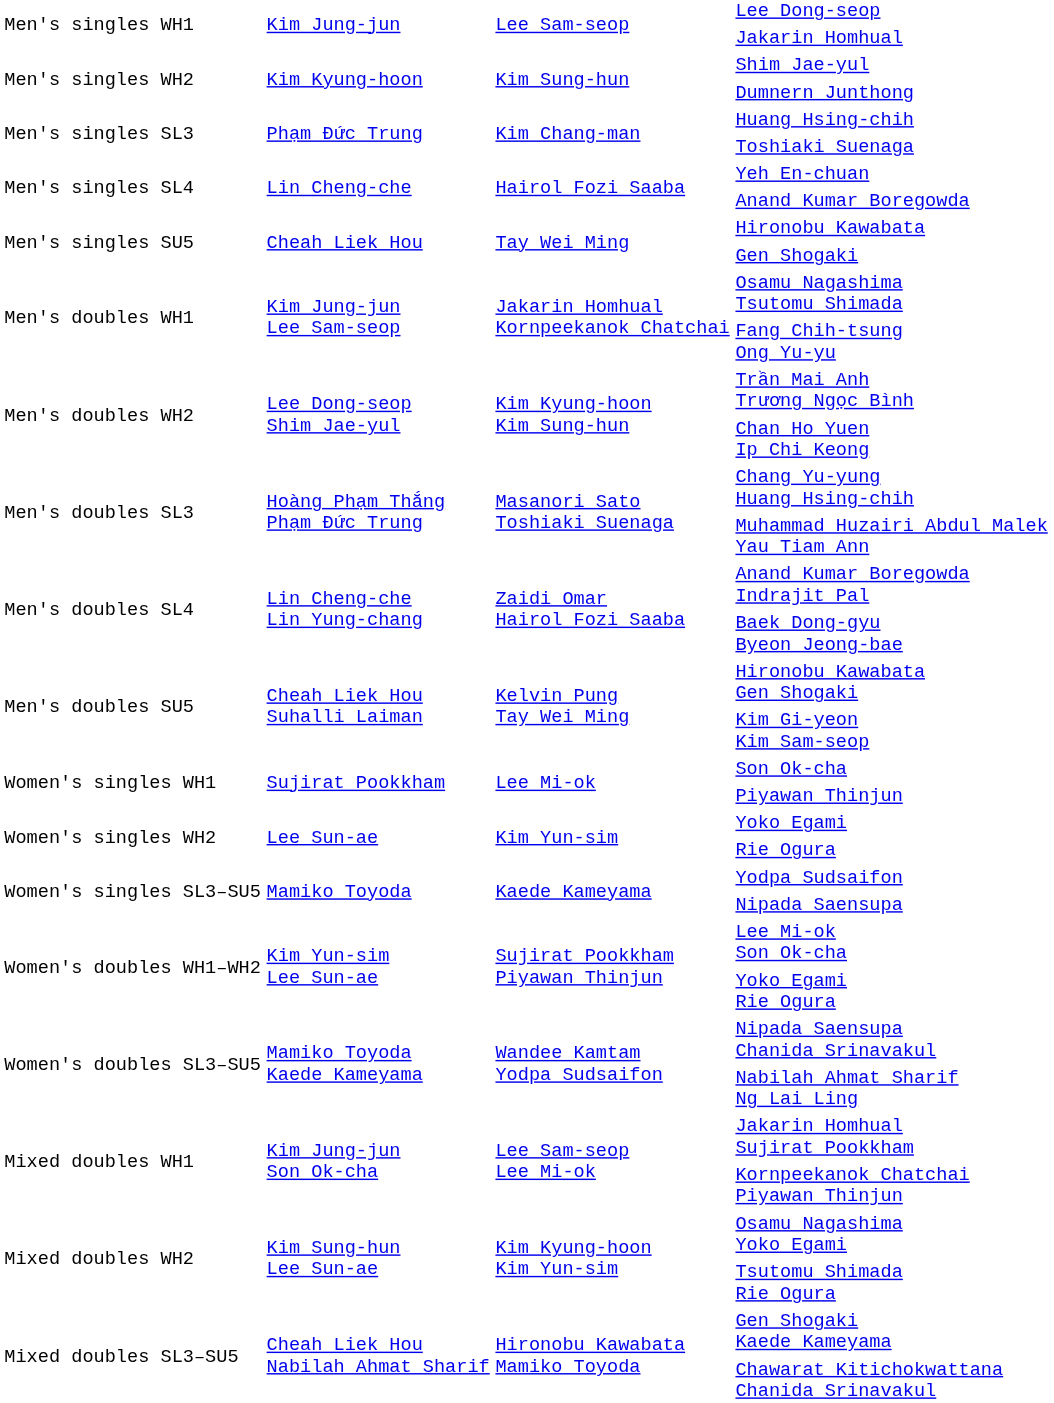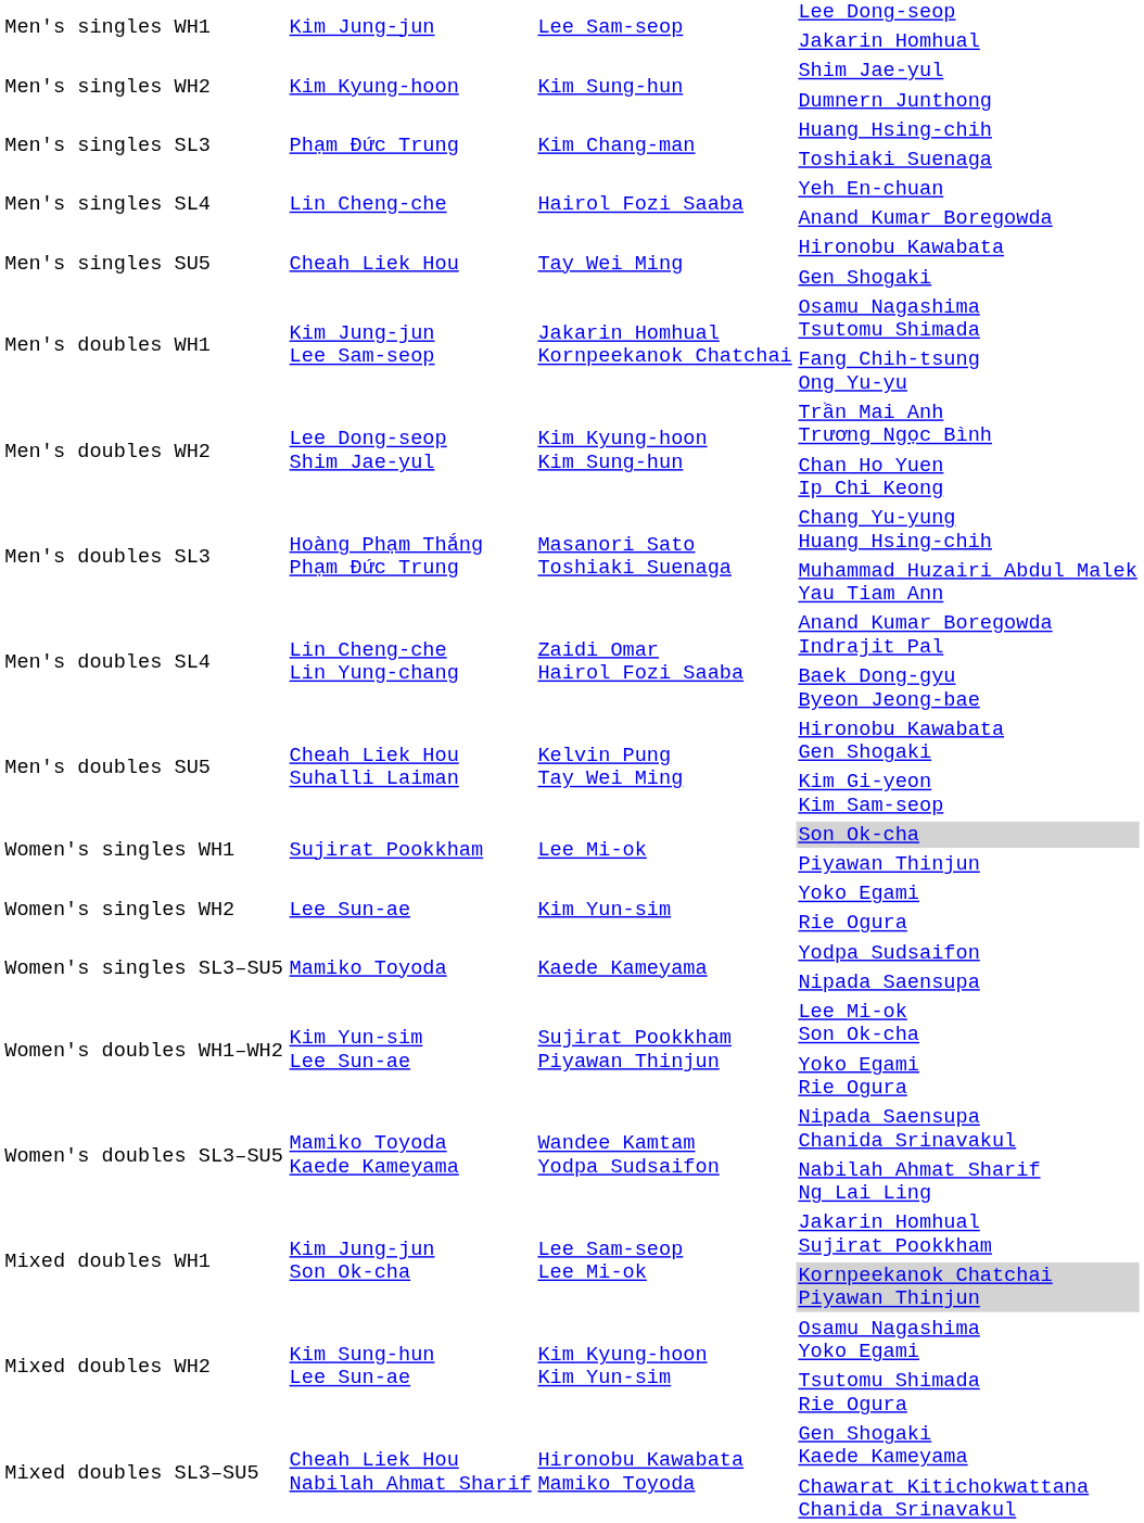 <table>
 <tr>
 <td rowspan="2">Men's singles WH1</td>
 <td rowspan="2"> <a href='#'>Kim Jung-jun</a></td>
 <td rowspan="2"> <a href='#'>Lee Sam-seop</a></td>
 <td> <a href='#'>Lee Dong-seop</a></td>
 </tr>
 <tr>
 <td> <a href='#'>Jakarin Homhual</a></td>
 </tr>
 <tr>
 <td rowspan="2">Men's singles WH2</td>
 <td rowspan="2"> <a href='#'>Kim Kyung-hoon</a></td>
 <td rowspan="2"> <a href='#'>Kim Sung-hun</a></td>
 <td> <a href='#'>Shim Jae-yul</a></td>
 </tr>
 <tr>
 <td> <a href='#'>Dumnern Junthong</a></td>
 </tr>
 <tr>
 <td rowspan="2">Men's singles SL3</td>
 <td rowspan="2"> <a href='#'>Phạm Đức Trung</a></td>
 <td rowspan="2"> <a href='#'>Kim Chang-man</a></td>
 <td> <a href='#'>Huang Hsing-chih</a></td>
 </tr>
 <tr>
 <td> <a href='#'>Toshiaki Suenaga</a></td>
 </tr>
 <tr>
 <td rowspan="2">Men's singles SL4</td>
 <td rowspan="2"> <a href='#'>Lin Cheng-che</a></td>
 <td rowspan="2"> <a href='#'>Hairol Fozi Saaba</a></td>
 <td> <a href='#'>Yeh En-chuan</a></td>
 </tr>
 <tr>
 <td> <a href='#'>Anand Kumar Boregowda</a></td>
 </tr>
 <tr>
 <td rowspan="2">Men's singles SU5</td>
 <td rowspan="2"> <a href='#'>Cheah Liek Hou</a></td>
 <td rowspan="2"> <a href='#'>Tay Wei Ming</a></td>
 <td> <a href='#'>Hironobu Kawabata</a></td>
 </tr>
 <tr>
 <td> <a href='#'>Gen Shogaki</a></td>
 </tr>
 <tr>
 <td rowspan="2">Men's doubles WH1</td>
 <td rowspan="2"> <a href='#'>Kim Jung-jun</a> <br> <a href='#'>Lee Sam-seop</a></td>
 <td rowspan="2"> <a href='#'>Jakarin Homhual</a> <br> <a href='#'>Kornpeekanok Chatchai</a></td>
 <td> <a href='#'>Osamu Nagashima</a><br> <a href='#'>Tsutomu Shimada</a></td>
 </tr>
 <tr>
 <td> <a href='#'>Fang Chih-tsung</a> <br> <a href='#'>Ong Yu-yu</a></td>
 </tr>
 <tr>
 <td rowspan="2">Men's doubles WH2</td>
 <td rowspan="2"> <a href='#'>Lee Dong-seop</a> <br> <a href='#'>Shim Jae-yul</a></td>
 <td rowspan="2"> <a href='#'>Kim Kyung-hoon</a> <br> <a href='#'>Kim Sung-hun</a></td>
 <td> <a href='#'>Trần Mai Anh</a> <br> <a href='#'>Trương Ngọc Bình</a></td>
 </tr>
 <tr>
 <td> <a href='#'>Chan Ho Yuen</a> <br> <a href='#'>Ip Chi Keong</a></td>
 </tr>
 <tr>
 <td rowspan="2">Men's doubles SL3</td>
 <td rowspan="2"> <a href='#'>Hoàng Phạm Thắng</a><br> <a href='#'>Phạm Đức Trung</a></td>
 <td rowspan="2"> <a href='#'>Masanori Sato</a><br> <a href='#'>Toshiaki Suenaga</a></td>
 <td> <a href='#'>Chang Yu-yung</a><br> <a href='#'>Huang Hsing-chih</a></td>
 </tr>
 <tr>
 <td> <a href='#'>Muhammad Huzairi Abdul Malek</a><br> <a href='#'>Yau Tiam Ann</a></td>
 </tr>
 <tr>
 <td rowspan="2">Men's doubles SL4</td>
 <td rowspan="2"> <a href='#'>Lin Cheng-che</a> <br> <a href='#'>Lin Yung-chang</a></td>
 <td rowspan="2"> <a href='#'>Zaidi Omar</a> <br> <a href='#'>Hairol Fozi Saaba</a></td>
 <td> <a href='#'>Anand Kumar Boregowda</a> <br> <a href='#'>Indrajit Pal</a></td>
 </tr>
 <tr>
 <td> <a href='#'>Baek Dong-gyu</a> <br> <a href='#'>Byeon Jeong-bae</a></td>
 </tr>
 <tr>
 <td rowspan="2">Men's doubles SU5</td>
 <td rowspan="2"> <a href='#'>Cheah Liek Hou</a><br> <a href='#'>Suhalli Laiman</a></td>
 <td rowspan="2"> <a href='#'>Kelvin Pung</a><br> <a href='#'>Tay Wei Ming</a></td>
 <td> <a href='#'>Hironobu Kawabata</a><br> <a href='#'>Gen Shogaki</a></td>
 </tr>
 <tr>
 <td> <a href='#'>Kim Gi-yeon</a><br> <a href='#'>Kim Sam-seop</a></td>
 </tr>
 <tr>
 <td rowspan="2">Women's singles WH1</td>
 <td rowspan="2"> <a href='#'>Sujirat Pookkham</a></td>
 <td rowspan="2"> <a href='#'>Lee Mi-ok</a></td>
-<td> <a href='#'>Son Ok-cha</a></td>
+<td style="background: lightgrey;"> <a href='#'>Son Ok-cha</a></td>
 </tr>
 <tr>
 <td> <a href='#'>Piyawan Thinjun</a></td>
 </tr>
 <tr>
 <td rowspan="2">Women's singles WH2</td>
 <td rowspan="2"> <a href='#'>Lee Sun-ae</a></td>
 <td rowspan="2"> <a href='#'>Kim Yun-sim</a></td>
 <td> <a href='#'>Yoko Egami</a></td>
 </tr>
 <tr>
 <td> <a href='#'>Rie Ogura</a></td>
 </tr>
 <tr>
 <td rowspan="2">Women's singles SL3–SU5</td>
 <td rowspan="2"> <a href='#'>Mamiko Toyoda</a></td>
 <td rowspan="2"> <a href='#'>Kaede Kameyama</a></td>
 <td> <a href='#'>Yodpa Sudsaifon</a></td>
 </tr>
 <tr>
 <td> <a href='#'>Nipada Saensupa</a></td>
 </tr>
 <tr>
 <td rowspan="2">Women's doubles WH1–WH2</td>
 <td rowspan="2"> <a href='#'>Kim Yun-sim</a> <br> <a href='#'>Lee Sun-ae</a></td>
 <td rowspan="2"> <a href='#'>Sujirat Pookkham</a> <br> <a href='#'>Piyawan Thinjun</a></td>
 <td> <a href='#'>Lee Mi-ok</a> <br> <a href='#'>Son Ok-cha</a></td>
 </tr>
 <tr>
 <td> <a href='#'>Yoko Egami</a> <br> <a href='#'>Rie Ogura</a></td>
 </tr>
 <tr>
 <td rowspan="2">Women's doubles SL3–SU5</td>
 <td rowspan="2"> <a href='#'>Mamiko Toyoda</a><br> <a href='#'>Kaede Kameyama</a></td>
 <td rowspan="2"> <a href='#'>Wandee Kamtam</a><br> <a href='#'>Yodpa Sudsaifon</a></td>
 <td> <a href='#'>Nipada Saensupa</a><br> <a href='#'>Chanida Srinavakul</a></td>
 </tr>
 <tr>
 <td> <a href='#'>Nabilah Ahmat Sharif</a><br> <a href='#'>Ng Lai Ling</a></td>
 </tr>
 <tr>
 <td rowspan="2">Mixed doubles WH1</td>
 <td rowspan="2"> <a href='#'>Kim Jung-jun</a> <br> <a href='#'>Son Ok-cha</a></td>
 <td rowspan="2"> <a href='#'>Lee Sam-seop</a> <br> <a href='#'>Lee Mi-ok</a></td>
 <td> <a href='#'>Jakarin Homhual</a><br> <a href='#'>Sujirat Pookkham</a></td>
 </tr>
 <tr>
-<td> <a href='#'>Kornpeekanok Chatchai</a><br> <a href='#'>Piyawan Thinjun</a></td>
+<td style="background: lightgrey;"> <a href='#'>Kornpeekanok Chatchai</a><br> <a href='#'>Piyawan Thinjun</a></td>
 </tr>
 <tr>
 <td rowspan="2">Mixed doubles WH2</td>
 <td rowspan="2"> <a href='#'>Kim Sung-hun</a> <br> <a href='#'>Lee Sun-ae</a></td>
 <td rowspan="2"> <a href='#'>Kim Kyung-hoon</a> <br> <a href='#'>Kim Yun-sim</a></td>
 <td> <a href='#'>Osamu Nagashima</a><br> <a href='#'>Yoko Egami</a></td>
 </tr>
 <tr>
 <td> <a href='#'>Tsutomu Shimada</a><br> <a href='#'>Rie Ogura</a></td>
 </tr>
 <tr>
 <td rowspan="2">Mixed doubles SL3–SU5</td>
 <td rowspan="2"> <a href='#'>Cheah Liek Hou</a> <br> <a href='#'>Nabilah Ahmat Sharif</a></td>
 <td rowspan="2"> <a href='#'>Hironobu Kawabata</a><br> <a href='#'>Mamiko Toyoda</a></td>
 <td> <a href='#'>Gen Shogaki</a><br> <a href='#'>Kaede Kameyama</a></td>
 </tr>
 <tr>
 <td> <a href='#'>Chawarat Kitichokwattana</a><br> <a href='#'>Chanida Srinavakul</a></td>
 </tr>
 </table>
